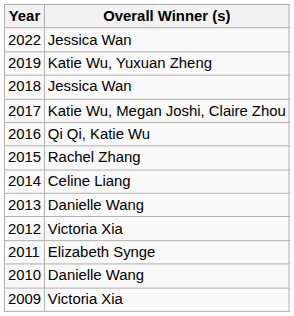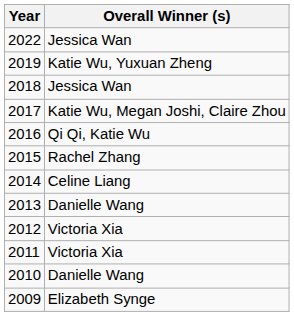 <table class="wikitable">
 <tr>
 <th>Year</th>
 <th>Overall Winner (s)</th>
 </tr>
 <tr>
 <td>2022</td>
 <td>Jessica Wan</td>
 </tr>
 <tr>
 <td>2019</td>
 <td>Katie Wu, Yuxuan Zheng</td>
 </tr>
 <tr>
 <td>2018</td>
 <td>Jessica Wan</td>
 </tr>
 <tr>
 <td>2017</td>
 <td>Katie Wu, Megan Joshi, Claire Zhou</td>
 </tr>
 <tr>
 <td>2016</td>
 <td>Qi Qi, Katie Wu</td>
 </tr>
 <tr>
 <td>2015</td>
 <td>Rachel Zhang</td>
 </tr>
 <tr>
 <td>2014</td>
 <td>Celine Liang</td>
 </tr>
 <tr>
 <td>2013</td>
 <td>Danielle Wang</td>
 </tr>
 <tr>
 <td>2012</td>
 <td>Victoria Xia</td>
 </tr>
 <tr>
 <td>2011</td>
-<td>Elizabeth Synge</td>
+<td>Victoria Xia</td>
 </tr>
 <tr>
 <td>2010</td>
 <td>Danielle Wang</td>
 </tr>
 <tr>
 <td>2009</td>
-<td>Victoria Xia</td>
+<td>Elizabeth Synge</td>
 </tr>
 </table>
